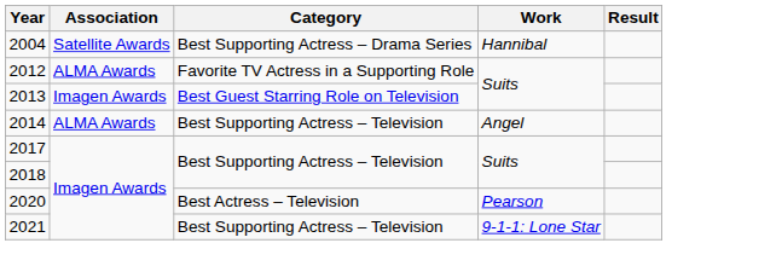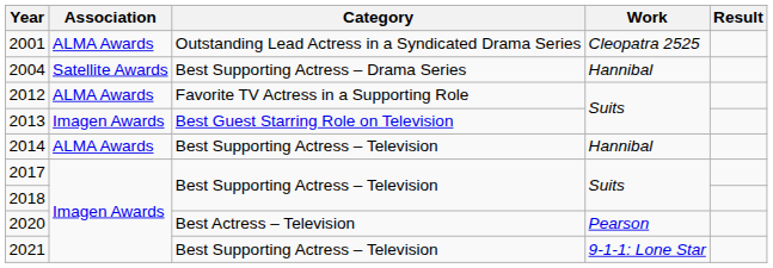 <table class="wikitable">
 <tr>
 <th>Year</th>
 <th>Association</th>
 <th>Category</th>
 <th>Work</th>
 <th>Result</th>
+</tr>
+<tr>
+<td>2001</td>
+<td><a href='#'>ALMA Awards</a></td>
+<td>Outstanding Lead Actress in a Syndicated Drama Series</td>
+<td><em>Cleopatra 2525</em></td>
+<td></td>
 </tr>
 <tr>
 <td>2004</td>
 <td><a href='#'>Satellite Awards</a></td>
 <td>Best Supporting Actress – Drama Series</td>
 <td><em>Hannibal</em></td>
 <td></td>
 </tr>
 <tr>
 <td>2012</td>
 <td><a href='#'>ALMA Awards</a></td>
 <td>Favorite TV Actress in a Supporting Role</td>
 <td rowspan="2"><em>Suits</em></td>
 <td></td>
 </tr>
 <tr>
 <td>2013</td>
 <td><a href='#'>Imagen Awards</a></td>
 <td><a href='#'>Best Guest Starring Role on Television</a></td>
 <td></td>
 </tr>
 <tr>
 <td>2014</td>
 <td><a href='#'>ALMA Awards</a></td>
 <td>Best Supporting Actress – Television</td>
-<td><em>Angel</em></td>
+<td><em>Hannibal</em></td>
 <td></td>
 </tr>
 <tr>
 <td>2017</td>
 <td rowspan="4"><a href='#'>Imagen Awards</a></td>
 <td rowspan="2">Best Supporting Actress – Television</td>
 <td rowspan="2"><em>Suits</em></td>
 <td></td>
 </tr>
 <tr>
 <td>2018</td>
 <td></td>
 </tr>
 <tr>
 <td>2020</td>
 <td>Best Actress – Television</td>
 <td><em><a href='#'>Pearson</a></em></td>
 <td></td>
 </tr>
 <tr>
 <td>2021</td>
 <td>Best Supporting Actress – Television</td>
 <td><em><a href='#'>9-1-1: Lone Star</a></em></td>
 <td></td>
 </tr>
 </table>
